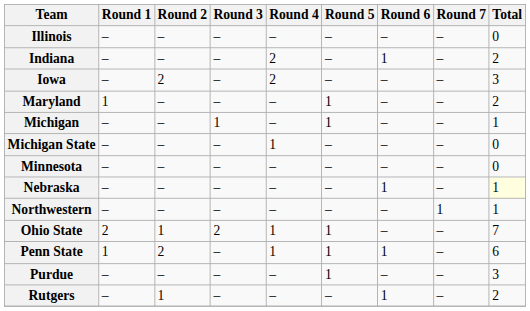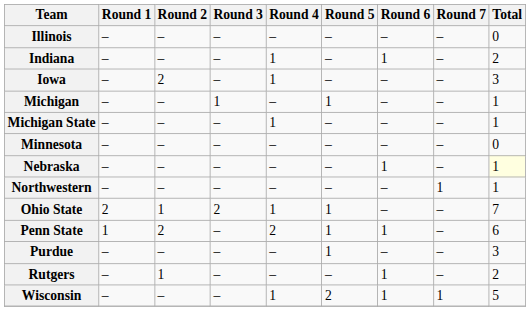 <table class="wikitable sortable">
 <tr>
 <th>Team</th>
 <th>Round 1</th>
 <th>Round 2</th>
 <th>Round 3</th>
 <th>Round 4</th>
 <th>Round 5</th>
 <th>Round 6</th>
 <th>Round 7</th>
 <th>Total</th>
 </tr>
 <tr>
 <th>Illinois</th>
 <td>–</td>
 <td>–</td>
 <td>–</td>
 <td>–</td>
 <td>–</td>
 <td>–</td>
 <td>–</td>
 <td>0</td>
 </tr>
 <tr>
 <th>Indiana</th>
 <td>–</td>
 <td>–</td>
 <td>–</td>
-<td>2</td>
+<td>1</td>
 <td>–</td>
 <td>1</td>
 <td>–</td>
 <td>2</td>
 </tr>
 <tr>
 <th>Iowa</th>
 <td>–</td>
 <td>2</td>
 <td>–</td>
-<td>2</td>
+<td>1</td>
 <td>–</td>
 <td>–</td>
 <td>–</td>
 <td>3</td>
-</tr>
-<tr>
-<th>Maryland</th>
-<td>1</td>
-<td>–</td>
-<td>–</td>
-<td>–</td>
-<td>1</td>
-<td>–</td>
-<td>–</td>
-<td>2</td>
 </tr>
 <tr>
 <th>Michigan</th>
 <td>–</td>
 <td>–</td>
 <td>1</td>
 <td>–</td>
 <td>1</td>
 <td>–</td>
 <td>–</td>
 <td>1</td>
 </tr>
 <tr>
 <th>Michigan State</th>
 <td>–</td>
 <td>–</td>
 <td>–</td>
 <td>1</td>
 <td>–</td>
 <td>–</td>
 <td>–</td>
-<td>0</td>
+<td>1</td>
 </tr>
 <tr>
 <th>Minnesota</th>
 <td>–</td>
 <td>–</td>
 <td>–</td>
 <td>–</td>
 <td>–</td>
 <td>–</td>
 <td>–</td>
 <td>0</td>
 </tr>
 <tr>
 <th>Nebraska</th>
 <td>–</td>
 <td>–</td>
 <td>–</td>
 <td>–</td>
 <td>–</td>
 <td>1</td>
 <td>–</td>
 <td style="background: lightyellow;">1</td>
 </tr>
 <tr>
 <th>Northwestern</th>
 <td>–</td>
 <td>–</td>
 <td>–</td>
 <td>–</td>
 <td>–</td>
 <td>–</td>
 <td>1</td>
 <td>1</td>
 </tr>
 <tr>
 <th>Ohio State</th>
 <td>2</td>
 <td>1</td>
 <td>2</td>
 <td>1</td>
 <td>1</td>
 <td>–</td>
 <td>–</td>
 <td>7</td>
 </tr>
 <tr>
 <th>Penn State</th>
 <td>1</td>
 <td>2</td>
 <td>–</td>
-<td>1</td>
+<td>2</td>
 <td>1</td>
 <td>1</td>
 <td>–</td>
 <td>6</td>
 </tr>
 <tr>
 <th>Purdue</th>
 <td>–</td>
 <td>–</td>
 <td>–</td>
 <td>–</td>
 <td>1</td>
 <td>–</td>
 <td>–</td>
 <td>3</td>
 </tr>
 <tr>
 <th><strong>Rutgers</strong></th>
 <td>–</td>
 <td>1</td>
 <td>–</td>
 <td>–</td>
 <td>–</td>
 <td>1</td>
 <td>–</td>
 <td>2</td>
 </tr>
 <tr>
+<th>Wisconsin</th>
+<td>–</td>
+<td>–</td>
+<td>–</td>
+<td>1</td>
+<td>2</td>
+<td>1</td>
+<td>1</td>
+<td>5</td>
+</tr>
+<tr>
 </tr>
 </table>
